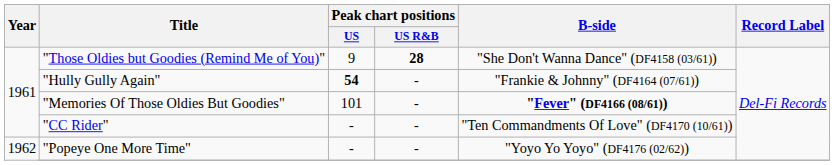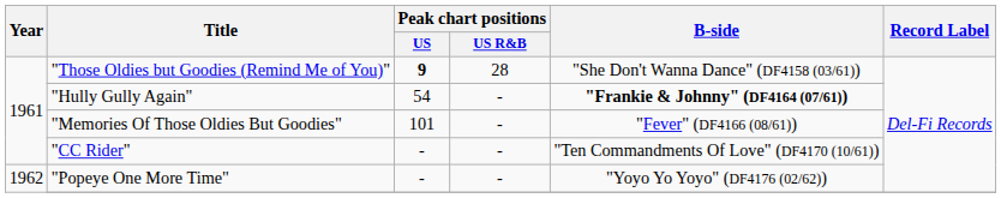 <table class="wikitable" style=text-align:center;>
 <tr>
 <th rowspan="2">Year</th>
 <th rowspan="2">Title</th>
 <th colspan="2">Peak chart positions</th>
 <th rowspan="2"><a href='#'>B-side</a></th>
 <th rowspan="2"><a href='#'>Record Label</a></th>
 </tr>
 <tr style="font-size:smaller;">
 <th align=centre><a href='#'>US</a></th>
 <th align=centre><a href='#'>US R&B</a></th>
 </tr>
 <tr>
 <td rowspan="4">1961</td>
 <td align=left>"<a href='#'>Those Oldies but Goodies (Remind Me of You)</a>"</td>
-<td>9</td>
-<td><strong>28</strong></td>
+<td><strong>9</strong></td>
+<td>28</td>
 <td>"She Don't Wanna Dance" (<small>DF4158 (03/61)</small>)</td>
 <td rowspan="5"><em><a href='#'>Del-Fi Records</a></em></td>
 </tr>
 <tr>
 <td align=left>"Hully Gully Again"</td>
-<td><strong>54</strong></td>
+<td>54</td>
 <td>-</td>
-<td>"Frankie & Johnny" (<small>DF4164 (07/61)</small>)</td>
+<td><strong>"Frankie & Johnny" (<small>DF4164 (07/61)</small>)</strong></td>
 </tr>
 <tr>
 <td align=left>"Memories Of Those Oldies But Goodies"</td>
 <td>101</td>
 <td>-</td>
-<td><strong>"<a href='#'>Fever</a>" (<small>DF4166 (08/61)</small>)</strong></td>
+<td>"<a href='#'>Fever</a>" (<small>DF4166 (08/61)</small>)</td>
 </tr>
 <tr>
 <td align=left>"<a href='#'>CC Rider</a>"</td>
 <td>-</td>
 <td>-</td>
 <td>"Ten Commandments Of Love" (<small>DF4170 (10/61)</small>)</td>
 </tr>
 <tr>
 <td rowspan="4">1962</td>
 <td align=left>"Popeye One More Time"</td>
 <td>-</td>
 <td>-</td>
 <td>"Yoyo Yo Yoyo" (<small>DF4176 (02/62)</small>)</td>
 </tr>
 <tr>
 </tr>
 </table>
